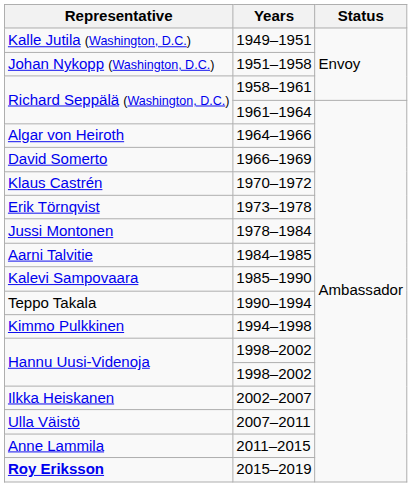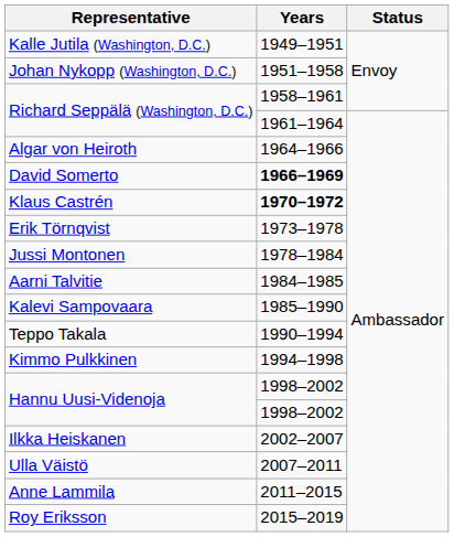 <table class="wikitable sortable">
 <tr>
 <th>Representative</th>
 <th>Years</th>
 <th>Status</th>
 </tr>
 <tr>
 <td><a href='#'>Kalle Jutila</a> <small>(<a href='#'>Washington, D.C.</a>)</small></td>
 <td>1949–1951</td>
 <td rowspan="3">Envoy</td>
 </tr>
 <tr>
 <td><a href='#'>Johan Nykopp</a> <small>(<a href='#'>Washington, D.C.</a>)</small></td>
 <td>1951–1958</td>
 </tr>
 <tr>
 <td rowspan="2"><a href='#'>Richard Seppälä</a> <small>(<a href='#'>Washington, D.C.</a>)</small></td>
 <td>1958–1961</td>
 </tr>
 <tr>
 <td>1961–1964</td>
 <td rowspan="16">Ambassador</td>
 </tr>
 <tr>
 <td><a href='#'>Algar von Heiroth</a></td>
 <td>1964–1966</td>
 </tr>
 <tr>
 <td><a href='#'>David Somerto</a></td>
-<td>1966–1969</td>
+<td><strong>1966–1969</strong></td>
 </tr>
 <tr>
 <td><a href='#'>Klaus Castrén</a></td>
-<td>1970–1972</td>
+<td><strong>1970–1972</strong></td>
 </tr>
 <tr>
 <td><a href='#'>Erik Törnqvist</a></td>
 <td>1973–1978</td>
 </tr>
 <tr>
 <td><a href='#'>Jussi Montonen</a></td>
 <td>1978–1984</td>
 </tr>
 <tr>
 <td><a href='#'>Aarni Talvitie</a></td>
 <td>1984–1985</td>
 </tr>
 <tr>
 <td><a href='#'>Kalevi Sampovaara</a></td>
 <td>1985–1990</td>
 </tr>
 <tr>
 <td>Teppo Takala</td>
 <td>1990–1994</td>
 </tr>
 <tr>
 <td><a href='#'>Kimmo Pulkkinen</a></td>
 <td>1994–1998</td>
 </tr>
 <tr>
 <td rowspan="2"><a href='#'>Hannu Uusi-Videnoja</a></td>
 <td>1998–2002</td>
 </tr>
 <tr>
 <td>1998–2002</td>
 </tr>
 <tr>
 <td><a href='#'>Ilkka Heiskanen</a></td>
 <td>2002–2007</td>
 </tr>
 <tr>
 <td><a href='#'>Ulla Väistö</a></td>
 <td>2007–2011</td>
 </tr>
 <tr>
 <td><a href='#'>Anne Lammila</a></td>
 <td>2011–2015</td>
 </tr>
 <tr>
-<td><strong><a href='#'>Roy Eriksson</a></strong></td>
+<td><a href='#'>Roy Eriksson</a></td>
 <td>2015–2019</td>
 </tr>
 </table>
